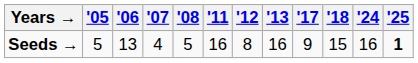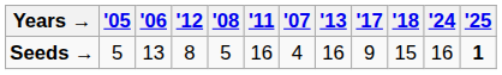 <table class="wikitable">
 <tr>
 <th>Years →</th>
 <th><a href='#'>'05</a></th>
 <th><a href='#'>'06</a></th>
-<th><a href='#'>'07</a></th>
+<th><a href='#'>'12</a></th>
 <th><a href='#'>'08</a></th>
 <th><a href='#'>'11</a></th>
-<th><a href='#'>'12</a></th>
+<th><a href='#'>'07</a></th>
 <th><a href='#'>'13</a></th>
 <th><a href='#'>'17</a></th>
 <th><a href='#'>'18</a></th>
 <th><a href='#'>'24</a></th>
 <th><a href='#'>'25</a></th>
 </tr>
 <tr align=center>
 <td style="text-align:left; "><strong>Seeds →</strong></td>
 <td>5</td>
 <td>13</td>
-<td>4</td>
+<td>8</td>
 <td>5</td>
 <td>16</td>
-<td>8</td>
+<td>4</td>
 <td>16</td>
 <td>9</td>
 <td>15</td>
 <td>16</td>
 <td><strong>1</strong></td>
 </tr>
 </table>
